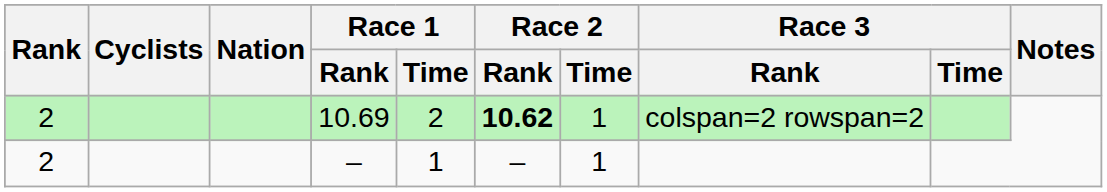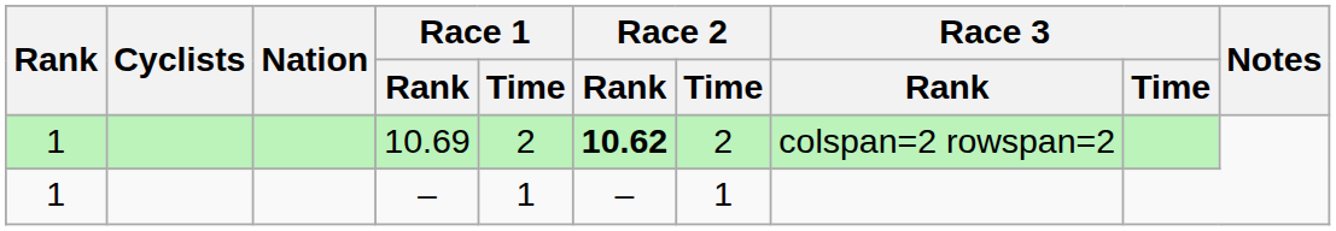 <table class="wikitable sortable" style="text-align:center">
 <tr>
 <th rowspan=2>Rank</th>
 <th rowspan=2>Cyclists</th>
 <th rowspan=2>Nation</th>
 <th colspan=2>Race 1</th>
 <th colspan=2>Race 2</th>
 <th colspan=2>Race 3</th>
 <th rowspan=2>Notes</th>
 </tr>
 <tr>
 <th>Rank</th>
 <th>Time</th>
 <th>Rank</th>
 <th>Time</th>
 <th>Rank</th>
 <th>Time</th>
 </tr>
 <tr bgcolor=bbf3bb>
-<td>2</td>
+<td>1</td>
 <td align=left></td>
 <td align=left></td>
 <td>10.69</td>
 <td>2</td>
 <td><strong>10.62</strong></td>
-<td>1</td>
+<td>2</td>
 <td>colspan=2 rowspan=2 </td>
 <td></td>
 </tr>
 <tr>
-<td>2</td>
+<td>1</td>
 <td align=left></td>
 <td align=left></td>
 <td>–</td>
 <td>1</td>
 <td>–</td>
 <td>1</td>
 <td></td>
 </tr>
 </table>
